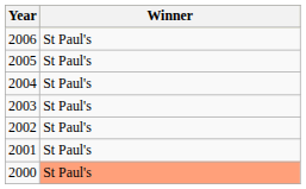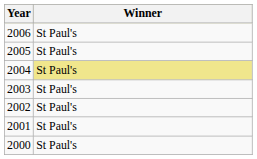 <table class="wikitable">
 <tr bgcolor=#bdb76b>
 <th style="width:2em;">Year</th>
 <th style="width:18em;">Winner</th>
 </tr>
 <tr>
 <td>2006</td>
 <td>St Paul's</td>
 </tr>
 <tr>
 <td>2005</td>
 <td>St Paul's</td>
 </tr>
 <tr>
 <td>2004</td>
-<td>St Paul's</td>
+<td style="background: khaki;">St Paul's</td>
 </tr>
 <tr>
 <td>2003</td>
 <td>St Paul's</td>
 </tr>
 <tr>
 <td>2002</td>
 <td>St Paul's</td>
 </tr>
 <tr>
 <td>2001</td>
 <td>St Paul's</td>
 </tr>
 <tr>
 <td>2000</td>
-<td style="background: lightsalmon;">St Paul's</td>
+<td>St Paul's</td>
 </tr>
 </table>
